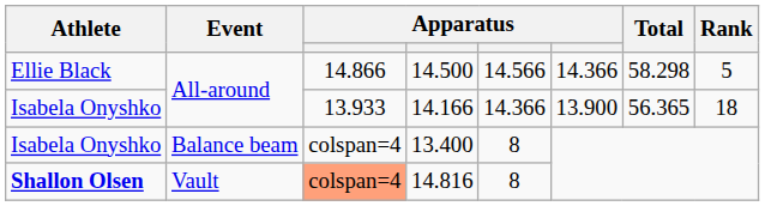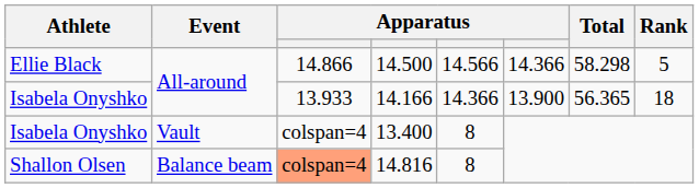 <table class="wikitable" style="font-size:90%">
 <tr>
 <th rowspan=2>Athlete</th>
 <th rowspan=2>Event</th>
 <th colspan=4>Apparatus</th>
 <th rowspan=2>Total</th>
 <th rowspan=2>Rank</th>
 </tr>
 <tr style="font-size:95%">
 <th></th>
 <th></th>
 <th></th>
 <th></th>
 </tr>
 <tr align=center>
 <td align=left><a href='#'>Ellie Black</a></td>
 <td align=left rowspan="2"><a href='#'>All-around</a></td>
 <td>14.866</td>
 <td>14.500</td>
 <td>14.566</td>
 <td>14.366</td>
 <td>58.298</td>
 <td>5</td>
 </tr>
 <tr align=center>
 <td align=left><a href='#'>Isabela Onyshko</a></td>
 <td>13.933</td>
 <td>14.166</td>
 <td>14.366</td>
 <td>13.900</td>
 <td>56.365</td>
 <td>18</td>
 </tr>
 <tr align=center>
 <td align=left><a href='#'>Isabela Onyshko</a></td>
-<td align=left><a href='#'>Balance beam</a></td>
+<td align=left><a href='#'>Vault</a></td>
 <td>colspan=4 </td>
 <td>13.400</td>
 <td>8</td>
 </tr>
 <tr align=center>
-<td align=left><strong><a href='#'>Shallon Olsen</a></strong></td>
-<td align=left><a href='#'>Vault</a></td>
+<td align=left><a href='#'>Shallon Olsen</a></td>
+<td align=left><a href='#'>Balance beam</a></td>
 <td style="background: lightsalmon;">colspan=4 </td>
 <td>14.816</td>
 <td>8</td>
 </tr>
 </table>
